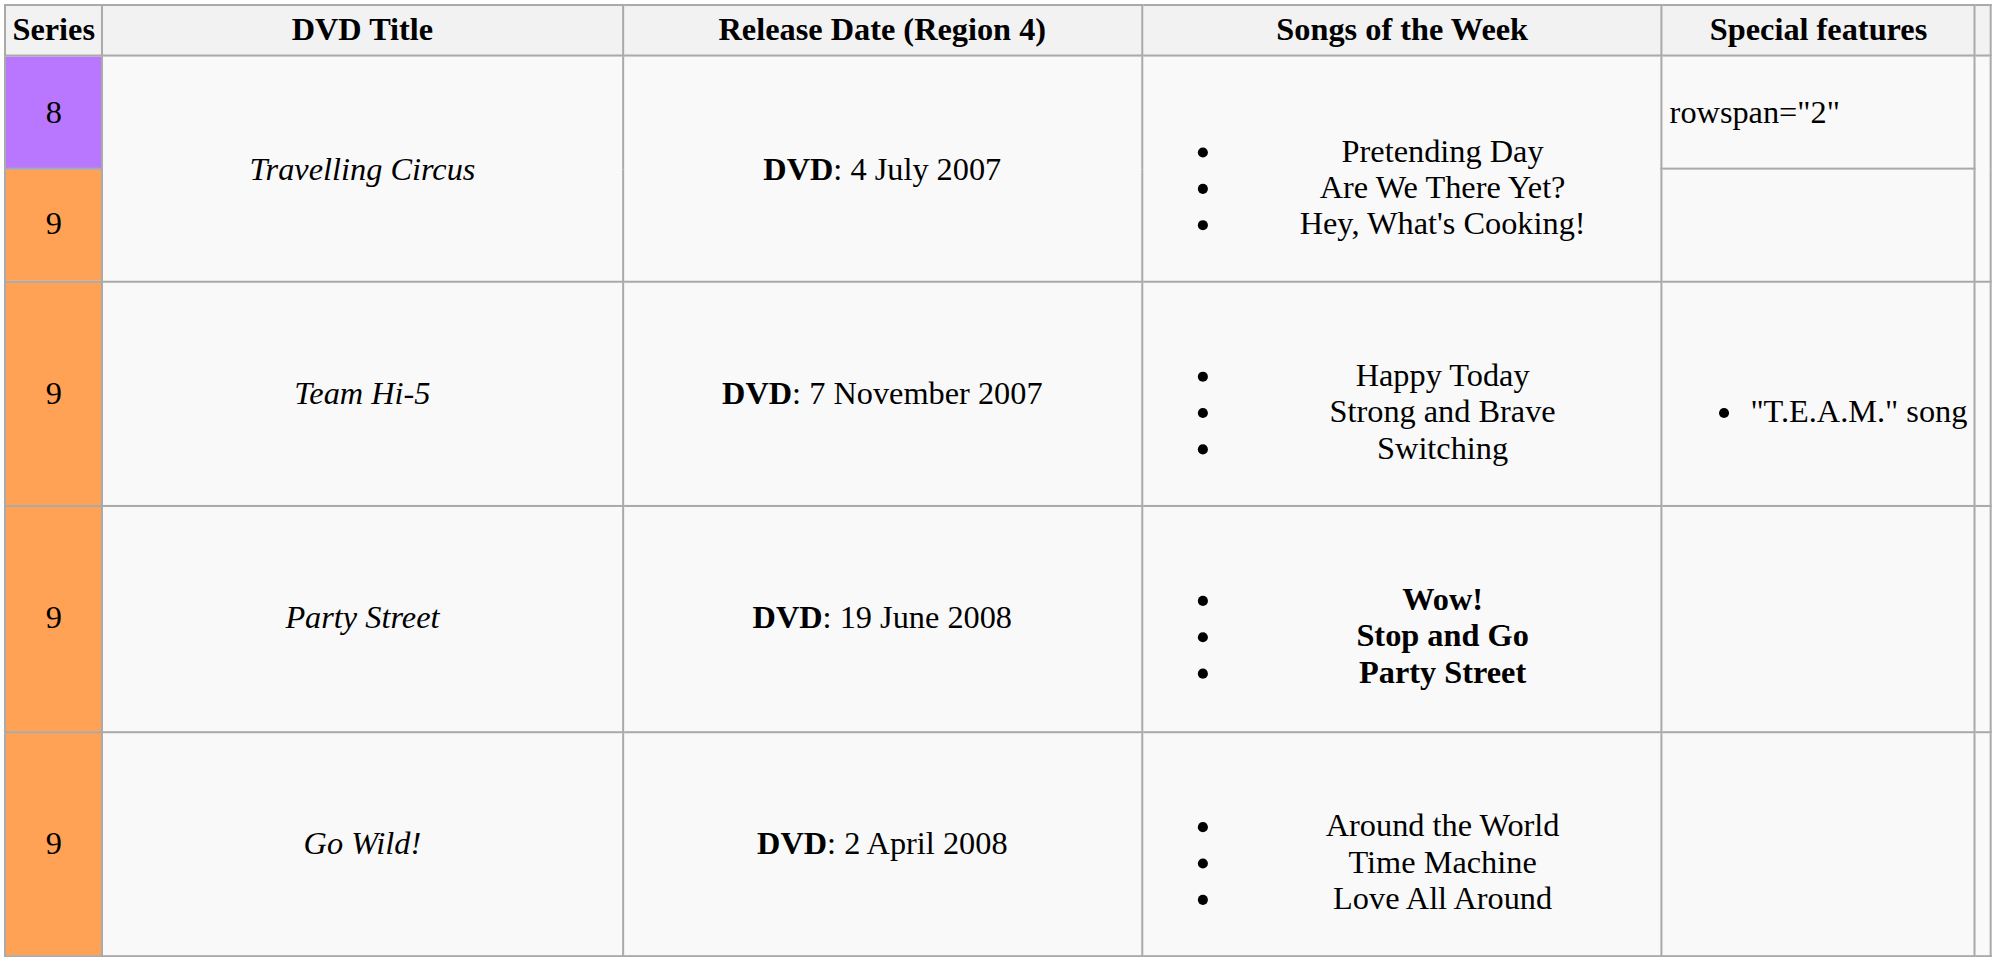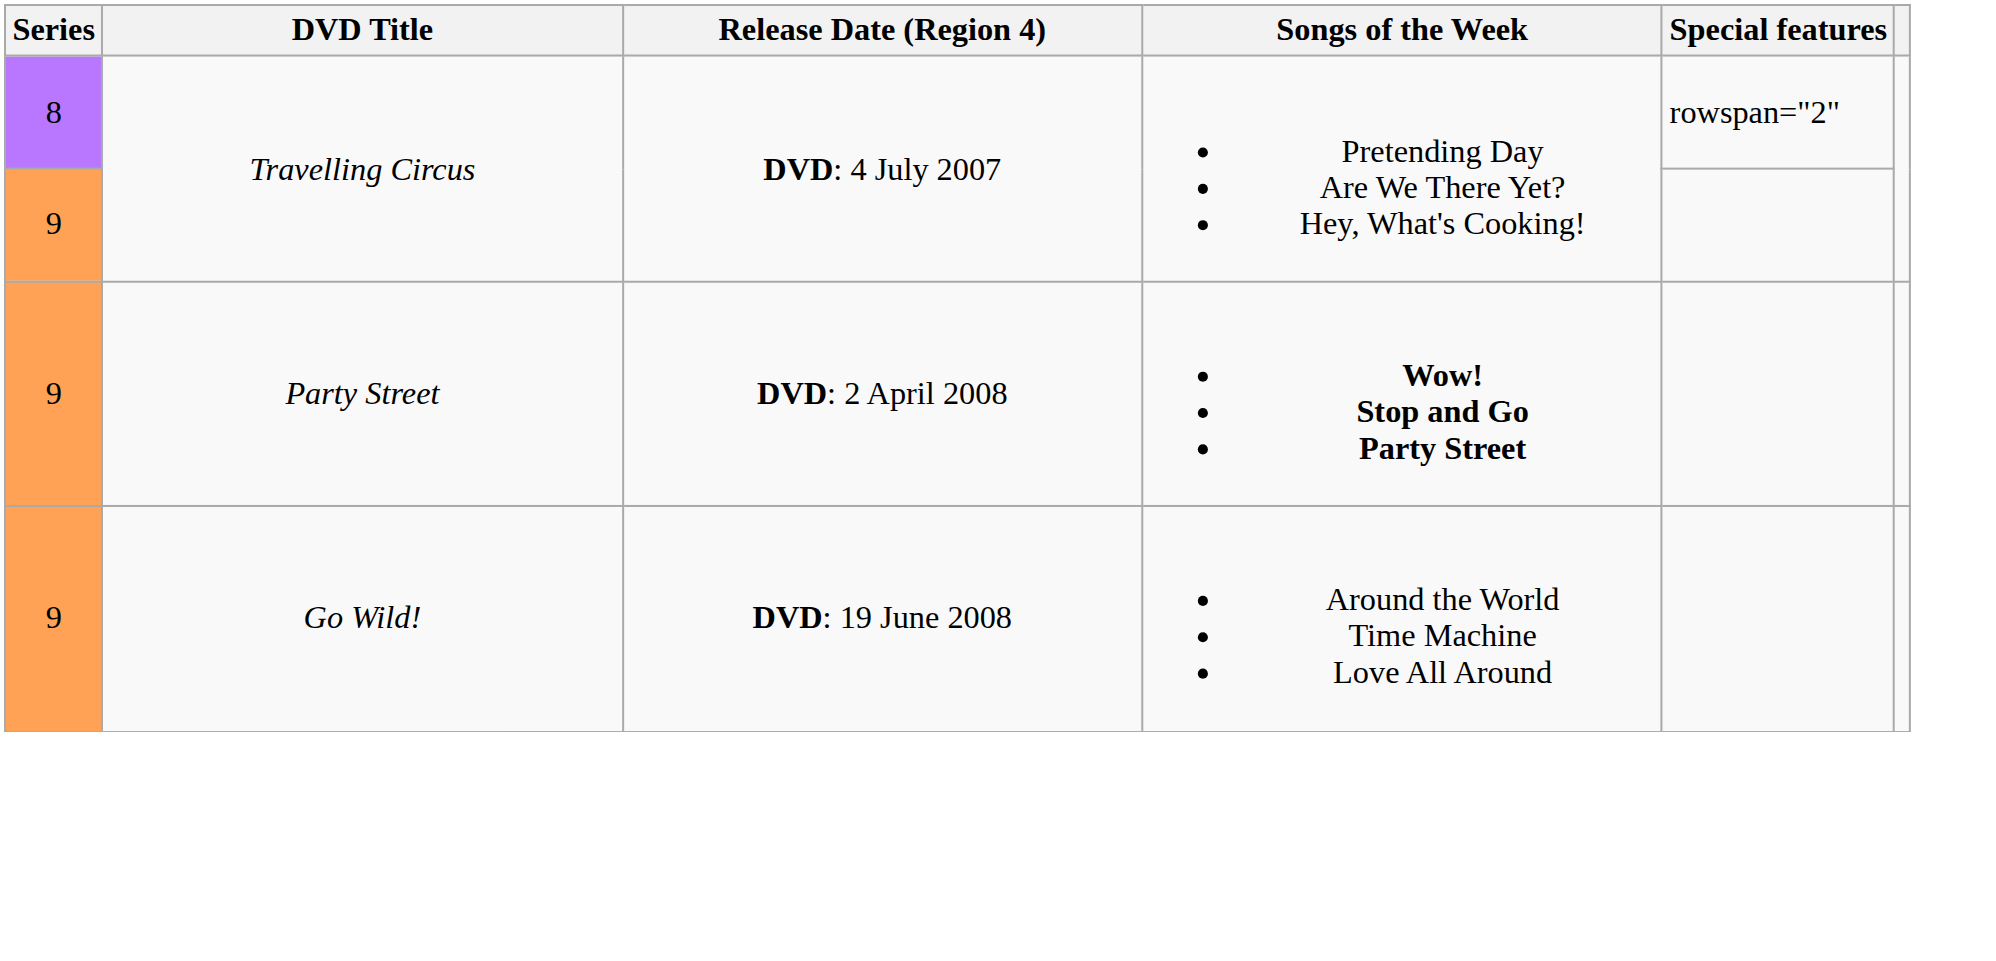 <table class="wikitable">
 <tr>
 <th>Series</th>
 <th style="width: 250px;">DVD Title</th>
 <th style="width: 250px;">Release Date (Region 4)</th>
 <th style="width: 250px;">Songs of the Week</th>
 <th>Special features</th>
 <th scope="col" class="unsortable"></th>
 </tr>
 <tr>
 <td style="background:#B976FF; height:10px; text-align:center">8</td>
 <td rowspan=2, style="text-align:center"><em>Travelling Circus</em></td>
 <td rowspan=2, style="text-align:center"><strong>DVD</strong>: 4 July 2007</td>
 <td rowspan=2, style="text-align:center"><br><ul><li>Pretending Day</li><li>Are We There Yet?</li><li>Hey, What's Cooking!</li></ul></td>
 <td>rowspan="2" </td>
 <td style="text-align:center;" rowspan="2"></td>
 </tr>
 <tr>
 <td style="background:#FFA256; height:10px; text-align:center">9</td>
 </tr>
 <tr>
 <td style="background:#FFA256; height:10px; text-align:center">9</td>
-<td style="text-align:center"><em>Team Hi-5</em></td>
-<td style="text-align:center"><strong>DVD</strong>: 7 November 2007</td>
-<td style="text-align:center"><br><ul><li>Happy Today</li><li>Strong and Brave</li><li>Switching</li></ul></td>
-<td style="text-align:center"><br><ul><li>"T.E.A.M." song</li></ul></td>
-<td style="text-align:center"></td>
-</tr>
-<tr>
-<td style="background:#FFA256; height:10px; text-align:center">9</td>
 <td style="text-align:center"><em>Party Street</em></td>
-<td style="text-align:center"><strong>DVD</strong>: 19 June 2008</td>
+<td style="text-align:center"><strong>DVD</strong>: 2 April 2008</td>
 <td style="text-align:center"><strong><br><ul><li>Wow!</li><li>Stop and Go</li><li>Party Street</li></ul></strong></td>
 <td></td>
 <td style="text-align:center"></td>
 </tr>
 <tr>
 <td style="background:#FFA256; height:10px; text-align:center">9</td>
 <td style="text-align:center"><em>Go Wild!</em></td>
-<td style="text-align:center"><strong>DVD</strong>: 2 April 2008</td>
+<td style="text-align:center"><strong>DVD</strong>: 19 June 2008</td>
 <td style="text-align:center"><br><ul><li>Around the World</li><li>Time Machine</li><li>Love All Around</li></ul></td>
 <td></td>
 <td style="text-align:center"></td>
 </tr>
 <tr>
 </tr>
 </table>
